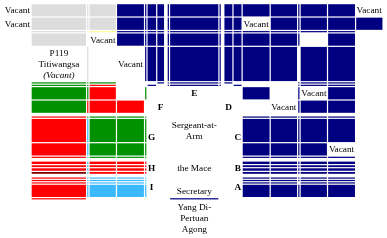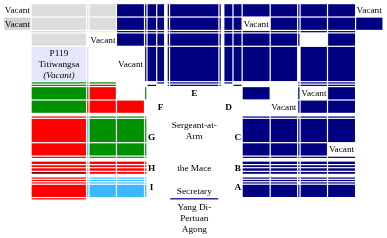 <table style="font-size:95%; text-align:center;">
 <tr>
 <td>Vacant</td>
 <td style="background-color:#DDDDDD;"></td>
 <td style="background-color:#DDDDDD;"></td>
 <td style="background-color:#DDDDDD;"></td>
 <td style="background-color:#000080;"></td>
 <td style="background-color:#000080;"></td>
 <td style="background-color:#000080;"></td>
 <td style="background-color:#000080;"></td>
 <td></td>
 <td style="background-color:#000080;"></td>
 <td style="background-color:#000080;"></td>
 <td style="background-color:#000080;"></td>
 <td></td>
 <td style="background-color:#000080;"></td>
 <td style="background-color:#000080;"></td>
 <td style="background-color:#000080;"></td>
 <td style="background-color:#000080;"></td>
 <td style="background-color:#000080;"></td>
 <td style="background-color:#000080;"></td>
 <td style="background-color:#000080;"></td>
 <td>Vacant</td>
 </tr>
 <tr>
-<td>Vacant</td>
+<td style="background: lightgrey;">Vacant</td>
 <td style="background-color:#DDDDDD;"></td>
 <td style="background-color:#DDDDDD;"></td>
 <td style="background-color:#DDDDDD;"></td>
 <td style="background-color:#000080;"></td>
 <td style="background-color:#000080;"></td>
 <td style="background-color:#000080;"></td>
 <td style="background-color:#000080;"></td>
 <td></td>
 <td style="background-color:#000080;"></td>
 <td style="background-color:#000080;"></td>
 <td style="background-color:#000080;"></td>
 <td></td>
 <td style="background-color:#000080;"></td>
 <td style="background-color:#000080;"></td>
 <td>Vacant</td>
 <td style="background-color:#000080;"></td>
 <td style="background-color:#000080;"></td>
 <td style="background-color:#000080;"></td>
 <td style="background-color:#000080;"></td>
 <td style="background-color:#000080;"></td>
 </tr>
 <tr>
 <td></td>
 <td style="background-color:#DDDDDD;"></td>
 <td style="background-color:#FFF999;"></td>
 <td style="background-color:#FFF999;"></td>
 <td style="background-color:#000080;"></td>
 <td style="background-color:#000080;"></td>
 <td style="background-color:#000080;"></td>
 <td style="background-color:#000080;"></td>
 <td></td>
 <td style="background-color:#000080;"></td>
 <td style="background-color:#000080;"></td>
 <td style="background-color:#000080;"></td>
 <td></td>
 <td style="background-color:#000080;"></td>
 <td style="background-color:#000080;"></td>
 <td style="background-color:#000080;"></td>
 <td style="background-color:#000080;"></td>
 <td style="background-color:#000080;"></td>
 <td style="background-color:#000080;"></td>
 <td style="background-color:#000080;"></td>
 </tr>
 <tr>
 <td></td>
 <td style="background-color:#DDDDDD;"></td>
 <td></td>
 <td>Vacant</td>
 <td style="background-color:#000080;"></td>
 <td style="background-color:#000080;"></td>
 <td style="background-color:#000080;"></td>
 <td style="background-color:#000080;"></td>
 <td></td>
 <td style="background-color:#000080;"></td>
 <td style="background-color:#000080;"></td>
 <td style="background-color:#000080;"></td>
 <td></td>
 <td style="background-color:#000080;"></td>
 <td style="background-color:#000080;"></td>
 <td style="background-color:#000080;"></td>
 <td style="background-color:#000080;"></td>
 <td style="background-color:#000080;"></td>
 <td></td>
 <td style="background-color:#000080;"></td>
 <td></td>
 </tr>
 <tr>
 <td></td>
-<td>P119 Titiwangsa <em>(Vacant)</em></td>
+<td style="background: lavender;">P119 Titiwangsa <em>(Vacant)</em></td>
 <td style="background-color:#DDDDDD;"></td>
 <td></td>
 <td>Vacant</td>
 <td style="background-color:#000080;"></td>
 <td style="background-color:#000080;"></td>
 <td style="background-color:#000080;"></td>
 <td></td>
 <td style="background-color:#000080;"></td>
 <td style="background-color:#000080;"></td>
 <td style="background-color:#000080;"></td>
 <td></td>
 <td style="background-color:#000080;"></td>
 <td style="background-color:#000080;"></td>
 <td style="background-color:#000080;"></td>
 <td style="background-color:#000080;"></td>
 <td></td>
 <td style="background-color:#000080;"></td>
 <td style="background-color:#000080;"></td>
 <td></td>
 </tr>
 <tr>
 <td></td>
 <td style="background-color:#009000;"></td>
 <td style="background-color:#009000;"></td>
 <td style="background-color:#009000;"></td>
 <td></td>
 <td></td>
 <td></td>
 <td style="background-color:#000080;"></td>
 <td></td>
 <td style="background-color:#000080;"></td>
 <td style="background-color:#000080;"></td>
 <td style="background-color:#000080;"></td>
 <td></td>
 <td style="background-color:#000080;"></td>
 <td></td>
 <td></td>
 <td></td>
 <td style="background-color:#000080;"></td>
 <td style="background-color:#000080;"></td>
 <td style="background-color:#000080;"></td>
 <td></td>
 </tr>
 <tr>
 <td></td>
 <td style="background-color:#009000;"></td>
 <td style="background-color:#009000;"></td>
 <td style="background-color:#FF0000;"></td>
 <td></td>
 <td></td>
 <td style="background-color:#000080;"></td>
 <td></td>
 <td></td>
 <td style="background-color:#000080;"></td>
 <td style="background-color:#000080;"></td>
 <td style="background-color:#000080;"></td>
 <td></td>
 <td></td>
 <td style="background-color:#000080;"></td>
 <td></td>
 <td></td>
 <td style="background-color:#000080;"></td>
 <td style="background-color:#000080;"></td>
 <td style="background-color:#000080;"></td>
 <td></td>
 </tr>
 <tr>
 <td></td>
 <td style="background-color:#009000;"></td>
 <td style="background-color:#009000;"></td>
 <td style="background-color:#FF0000;"></td>
 <td></td>
 <td style="background-color:#009000;"></td>
 <td></td>
 <td></td>
 <td></td>
 <td colspan=3><strong>E</strong></td>
 <td></td>
 <td></td>
 <td></td>
 <td style="background-color:#000080;"></td>
 <td></td>
 <td style="background-color:#000080;"></td>
 <td>Vacant</td>
 <td style="background-color:#000080;"></td>
 <td></td>
 </tr>
 <tr>
 <td></td>
 <td style="background-color:#009000;"></td>
 <td style="background-color:#FF0000;"></td>
 <td style="background-color:#FF0000;"></td>
 <td style="background-color:#FF0000;"></td>
 <td></td>
 <td></td>
 <td><strong>F</strong></td>
 <td></td>
 <td></td>
 <td></td>
 <td></td>
 <td></td>
 <td><strong>D</strong></td>
 <td></td>
 <td></td>
 <td>Vacant</td>
 <td style="background-color:#000080;"></td>
 <td style="background-color:#000080;"></td>
 <td style="background-color:#000080;"></td>
 <td></td>
 </tr>
 <tr>
 <td colspan=21></td>
 </tr>
 <tr>
 <td></td>
 <td style="background-color:#FF0000;"></td>
 <td style="background-color:#009000;"></td>
 <td style="background-color:#009000;"></td>
 <td style="background-color:#009000;"></td>
 <td style="background-color:#009000;"></td>
 <td rowspan=4><strong>G</strong></td>
 <td></td>
 <td></td>
 <td></td>
 <td></td>
 <td></td>
 <td></td>
 <td></td>
 <td rowspan=4><strong>C</strong></td>
 <td style="background-color:#000080;"></td>
 <td style="background-color:#000080;"></td>
 <td style="background-color:#000080;"></td>
 <td style="background-color:#000080;"></td>
 <td style="background-color:#000080;"></td>
 <td></td>
 </tr>
 <tr>
 <td></td>
 <td style="background-color:#FF0000;"></td>
 <td style="background-color:#3BB9FF;"></td>
 <td style="background-color:#009000;"></td>
 <td style="background-color:#009000;"></td>
 <td style="background-color:#009000;"></td>
 <td></td>
 <td></td>
 <td></td>
 <td>Sergeant-at-Arm</td>
 <td></td>
 <td></td>
 <td></td>
 <td style="background-color:#000080;"></td>
 <td style="background-color:#000080;"></td>
 <td style="background-color:#000080;"></td>
 <td style="background-color:#000080;"></td>
 <td style="background-color:#000080;"></td>
 <td></td>
 </tr>
 <tr>
 <td></td>
 <td style="background-color:#FF0000;"></td>
 <td style="background-color:#3BB9FF;"></td>
 <td style="background-color:#009000;"></td>
 <td style="background-color:#009000;"></td>
 <td style="background-color:#009000;"></td>
 <td></td>
 <td></td>
 <td></td>
 <td></td>
 <td></td>
 <td></td>
 <td></td>
 <td style="background-color:#000080;"></td>
 <td style="background-color:#000080;"></td>
 <td style="background-color:#000080;"></td>
 <td style="background-color:#000080;"></td>
 <td>Vacant</td>
 <td></td>
 </tr>
 <tr>
 <td></td>
 <td style="background-color:#FF0000;"></td>
 <td style="background-color:#3BB9FF;"></td>
 <td style="background-color:#009000;"></td>
 <td style="background-color:#009000;"></td>
 <td style="background-color:#009000;"></td>
 <td></td>
 <td></td>
 <td></td>
 <td></td>
 <td></td>
 <td></td>
 <td></td>
 <td style="background-color:#000080;"></td>
 <td style="background-color:#000080;"></td>
 <td style="background-color:#000080;"></td>
 <td style="background-color:#000080;"></td>
 <td style="background-color:#000080;"></td>
 <td></td>
 </tr>
 <tr>
 <td colspan=21></td>
 </tr>
 <tr>
 <td></td>
 <td style="background-color:#FF0000;"></td>
 <td style="background-color:#3BB9FF;"></td>
 <td style="background-color:#FF0000;"></td>
 <td style="background-color:#FF0000;"></td>
 <td style="background-color:#FF0000;"></td>
 <td rowspan=4><strong>H</strong></td>
 <td></td>
 <td></td>
 <td></td>
 <td rowspan=4>the Mace</td>
 <td></td>
 <td></td>
 <td></td>
 <td rowspan=4><strong>B</strong></td>
 <td style="background-color:#000080;"></td>
 <td style="background-color:#000080;"></td>
 <td style="background-color:#000080;"></td>
 <td style="background-color:#000080;"></td>
 <td style="background-color:#000080;"></td>
 <td></td>
 </tr>
 <tr>
 <td></td>
 <td style="background-color:#FF0000;"></td>
 <td style="background-color:#3BB9FF;"></td>
 <td style="background-color:#FF0000;"></td>
 <td style="background-color:#FF0000;"></td>
 <td style="background-color:#FF0000;"></td>
 <td></td>
 <td></td>
 <td></td>
 <td></td>
 <td></td>
 <td></td>
 <td style="background-color:#000080;"></td>
 <td style="background-color:#000080;"></td>
 <td style="background-color:#000080;"></td>
 <td style="background-color:#000080;"></td>
 <td style="background-color:#000080;"></td>
 <td></td>
 </tr>
 <tr>
 <td></td>
 <td style="background-color:#FF0000;"></td>
 <td style="background-color:#3BB9FF;"></td>
 <td style="background-color:#FF0000;"></td>
 <td style="background-color:#FF0000;"></td>
 <td style="background-color:#FF0000;"></td>
 <td></td>
 <td></td>
 <td></td>
 <td></td>
 <td></td>
 <td></td>
 <td style="background-color:#000080;"></td>
 <td style="background-color:#000080;"></td>
 <td style="background-color:#000080;"></td>
 <td style="background-color:#000080;"></td>
 <td style="background-color:#000080;"></td>
 <td></td>
 </tr>
 <tr>
 <td></td>
 <td style="background-color:#800000;"></td>
 <td style="background-color:#3BB9FF;"></td>
 <td style="background-color:#FF0000;"></td>
 <td style="background-color:#FF0000;"></td>
 <td style="background-color:#FF0000;"></td>
 <td></td>
 <td></td>
 <td></td>
 <td></td>
 <td></td>
 <td></td>
 <td style="background-color:#000080;"></td>
 <td style="background-color:#000080;"></td>
 <td style="background-color:#000080;"></td>
 <td style="background-color:#000080;"></td>
 <td style="background-color:#000080;"></td>
 <td></td>
 </tr>
 <tr>
 <td colspan=21></td>
 </tr>
 <tr>
 <td></td>
 <td style="background-color:#FF0000;"></td>
 <td style="background-color:#3BB9FF;"></td>
 <td style="background-color:#3BB9FF;"></td>
 <td style="background-color:#3BB9FF;"></td>
 <td style="background-color:#3BB9FF;"></td>
 <td rowspan=4><strong>I</strong></td>
 <td></td>
 <td></td>
 <td></td>
 <td></td>
 <td></td>
 <td></td>
 <td></td>
 <td rowspan=4><strong>A</strong></td>
 <td style="background-color:#000080;"></td>
 <td style="background-color:#000080;"></td>
 <td style="background-color:#000080;"></td>
 <td style="background-color:#000080;"></td>
 <td style="background-color:#000080;"></td>
 <td></td>
 </tr>
 <tr>
 <td></td>
 <td style="background-color:#FF0000;"></td>
 <td style="background-color:#3BB9FF;"></td>
 <td style="background-color:#3BB9FF;"></td>
 <td style="background-color:#3BB9FF;"></td>
 <td style="background-color:#3BB9FF;"></td>
 <td></td>
 <td></td>
 <td></td>
 <td></td>
 <td></td>
 <td></td>
 <td></td>
 <td style="background-color:#000080;"></td>
 <td style="background-color:#000080;"></td>
 <td style="background-color:#000080;"></td>
 <td style="background-color:#000080;"></td>
 <td style="background-color:#000080;"></td>
 <td></td>
 </tr>
 <tr>
 <td></td>
 <td style="background-color:#FF0000;"></td>
 <td style="background-color:#3BB9FF;"></td>
 <td style="background-color:#3BB9FF;"></td>
 <td style="background-color:#3BB9FF;"></td>
 <td style="background-color:#3BB9FF;"></td>
 <td></td>
 <td></td>
 <td></td>
 <td></td>
 <td></td>
 <td></td>
 <td></td>
 <td style="background-color:#000080;"></td>
 <td style="background-color:#000080;"></td>
 <td style="background-color:#DDDDDD;"></td>
 <td style="background-color:#000080;"></td>
 <td style="background-color:#000080;"></td>
 <td></td>
 </tr>
 <tr>
 <td></td>
 <td style="background-color:#FF0000;"></td>
 <td style="background-color:#3BB9FF;"></td>
 <td style="background-color:#3BB9FF;"></td>
 <td style="background-color:#3BB9FF;"></td>
 <td style="background-color:#3BB9FF;"></td>
 <td></td>
 <td></td>
 <td></td>
 <td>Secretary</td>
 <td></td>
 <td></td>
 <td></td>
 <td style="background-color:#000080;"></td>
 <td style="background-color:#000080;"></td>
 <td style="background-color:#000080;"></td>
 <td style="background-color:#000080;"></td>
 <td style="background-color:#000080;"></td>
 <td></td>
 </tr>
 <tr>
 <td></td>
 <td style="background-color:#FF0000;"></td>
 <td colspan=8></td>
 <td style="background-color:#000080;"></td>
 <td colspan=10></td>
 </tr>
 <tr>
 <td colspan=10></td>
 <td>Yang Di-Pertuan Agong</td>
 <td colspan=10></td>
 </tr>
 </table>
